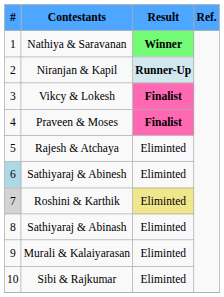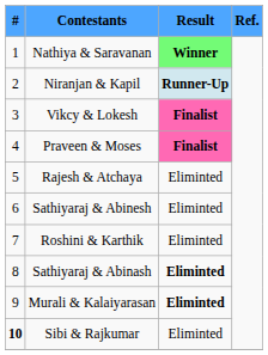 <table class="wikitable sortable" style=" text-align:center; font-size:100%;  line-height:29px; width:auto;">
 <tr>
 <th scope="col" style ="background: #4da6ff;"style="background: maroon ;color:white">#</th>
 <th scope="col" style ="background: #4da6ff;"style="background: maroon ;color:white">Contestants</th>
 <th scope="col" style ="background: #4da6ff;"style="background: maroon ;color:white">Result</th>
 <th scope="col" style ="background: #4da6ff;"style="background: maroon ;color:white">Ref.</th>
 </tr>
 <tr>
 <td>1</td>
 <td>Nathiya & Saravanan</td>
 <td style="background:#73FB76";><strong>Winner</strong></td>
 <td rowspan="10"></td>
 </tr>
 <tr>
 <td>2</td>
 <td>Niranjan & Kapil</td>
 <td style="background:#D1E8EF;"><strong>Runner-Up</strong></td>
 </tr>
 <tr>
 <td>3</td>
 <td>Vikcy & Lokesh</td>
 <td Style="background:#FF69B4;"><strong>Finalist</strong></td>
 </tr>
 <tr>
 <td>4</td>
 <td>Praveen & Moses</td>
 <td Style="background:#FF69B4;"><strong>Finalist</strong></td>
 </tr>
 <tr>
 <td>5</td>
 <td>Rajesh & Atchaya</td>
 <td>Eliminted</td>
 </tr>
 <tr>
-<td style="background: lightblue;">6</td>
+<td>6</td>
 <td>Sathiyaraj & Abinesh</td>
 <td>Eliminted</td>
 </tr>
 <tr>
-<td style="background: lightgrey;">7</td>
+<td>7</td>
 <td>Roshini & Karthik</td>
-<td style="background: khaki;">Eliminted</td>
+<td>Eliminted</td>
 </tr>
 <tr>
 <td>8</td>
 <td>Sathiyaraj & Abinash</td>
-<td>Eliminted</td>
+<td><strong>Eliminted</strong></td>
 </tr>
 <tr>
 <td>9</td>
 <td>Murali & Kalaiyarasan</td>
-<td>Eliminted</td>
+<td><strong>Eliminted</strong></td>
 </tr>
 <tr>
-<td>10</td>
+<td><strong>10</strong></td>
 <td>Sibi & Rajkumar</td>
 <td>Eliminted</td>
 </tr>
 <tr>
 </tr>
 </table>
